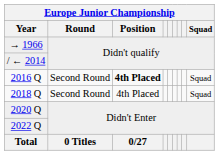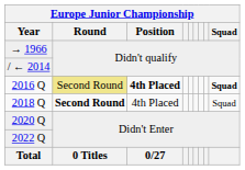 <table class="wikitable" style="text-align: center;">
 <tr>
 <th colspan=9><a href='#'>Europe Junior Championship</a></th>
 </tr>
 <tr>
 <th>Year</th>
 <th>Round</th>
 <th>Position</th>
 <th></th>
 <th></th>
 <th></th>
 <th></th>
 <th></th>
 <th><small>Squad</small></th>
 </tr>
 <tr bgcolor="efefef">
 <td> → <a href='#'>1966</a></td>
 <td colspan=8 rowspan=2>Didn't qualify</td>
 </tr>
 <tr bgcolor="efefef">
 <td>/ ← <a href='#'>2014</a></td>
 </tr>
 <tr>
 <td><a href='#'>2016</a> Q</td>
-<td>Second Round</td>
+<td style="background: khaki;">Second Round</td>
 <td><strong>4th Placed</strong></td>
 <td></td>
 <td></td>
 <td></td>
 <td></td>
 <td></td>
-<td><small>Squad </small></td>
+<td><strong><small>Squad </small></strong></td>
 </tr>
 <tr>
 <td><a href='#'>2018</a> Q</td>
-<td>Second Round</td>
+<td><strong>Second Round</strong></td>
 <td>4th Placed</td>
 <td></td>
 <td></td>
 <td></td>
 <td></td>
 <td></td>
 <td><small>Squad </small></td>
 </tr>
 <tr bgcolor="efefef">
 <td><a href='#'>2020</a> Q</td>
 <td colspan=8 rowspan=2>Didn't Enter</td>
 </tr>
 <tr bgcolor="efefef">
 <td><a href='#'>2022</a> Q</td>
 </tr>
 <tr>
 <th>Total</th>
 <th>0 Titles</th>
 <th>0/27</th>
 <th></th>
 <th></th>
 <th></th>
 <th></th>
 <th></th>
 <th></th>
 </tr>
 </table>
